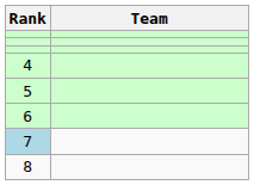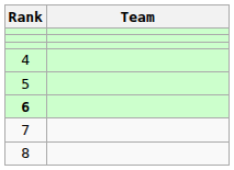 <table class=wikitable style="text-align:center;">
 <tr>
 <th>Rank</th>
 <th width=160>Team</th>
 </tr>
 <tr bgcolor=#ccffcc>
 <td></td>
 <td align=left></td>
 </tr>
 <tr bgcolor=#ccffcc>
 <td></td>
 <td align=left></td>
 </tr>
 <tr bgcolor=#ccffcc>
 <td></td>
 <td align=left></td>
 </tr>
 <tr bgcolor=#ccffcc>
 <td>4</td>
 <td align=left></td>
 </tr>
 <tr bgcolor=#ccffcc>
 <td>5</td>
 <td align=left></td>
 </tr>
 <tr bgcolor=#ccffcc>
-<td>6</td>
+<td><strong>6</strong></td>
 <td align=left></td>
 </tr>
 <tr>
-<td style="background: lightblue;">7</td>
+<td>7</td>
 <td align=left></td>
 </tr>
 <tr>
 <td>8</td>
 <td align=left></td>
 </tr>
 </table>
